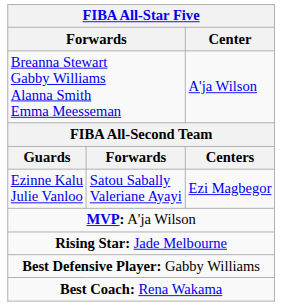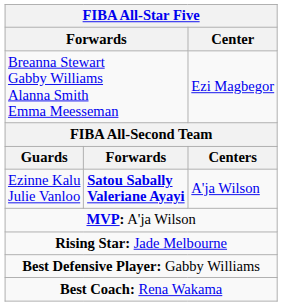 <table class=wikitable style="margin:auto">
 <tr>
 <th colspan=3 align=center><a href='#'>FIBA All-Star Five</a></th>
 </tr>
 <tr>
 <th colspan=2>Forwards</th>
 <th>Center</th>
 </tr>
 <tr>
 <td colspan=2> <a href='#'>Breanna Stewart</a><br> <a href='#'>Gabby Williams</a><br> <a href='#'>Alanna Smith</a><br> <a href='#'>Emma Meesseman</a></td>
-<td> <a href='#'>A'ja Wilson</a></td>
+<td> <a href='#'>Ezi Magbegor</a></td>
 </tr>
 <tr>
 <th colspan=3 align=center>FIBA All-Second Team</th>
 </tr>
 <tr>
 <th>Guards</th>
 <th>Forwards</th>
 <th>Centers</th>
 </tr>
 <tr>
 <td> <a href='#'>Ezinne Kalu</a><br> <a href='#'>Julie Vanloo</a></td>
-<td> <a href='#'>Satou Sabally</a><br> <a href='#'>Valeriane Ayayi</a></td>
-<td> <a href='#'>Ezi Magbegor</a></td>
+<td><strong> <a href='#'>Satou Sabally</a><br> <a href='#'>Valeriane Ayayi</a></strong></td>
+<td> <a href='#'>A'ja Wilson</a></td>
 </tr>
 <tr>
 <td colspan=3 align=center><strong><a href='#'>MVP</a>:</strong>  A'ja Wilson</td>
 </tr>
 <tr>
 <td colspan=3 align=center><strong>Rising Star:</strong>  <a href='#'>Jade Melbourne</a></td>
 </tr>
 <tr>
 <td colspan="3" align=center><strong>Best Defensive Player:</strong>  Gabby Williams</td>
 </tr>
 <tr>
 <td colspan=3 align=center><strong>Best Coach:</strong>  <a href='#'>Rena Wakama</a></td>
 </tr>
 </table>
